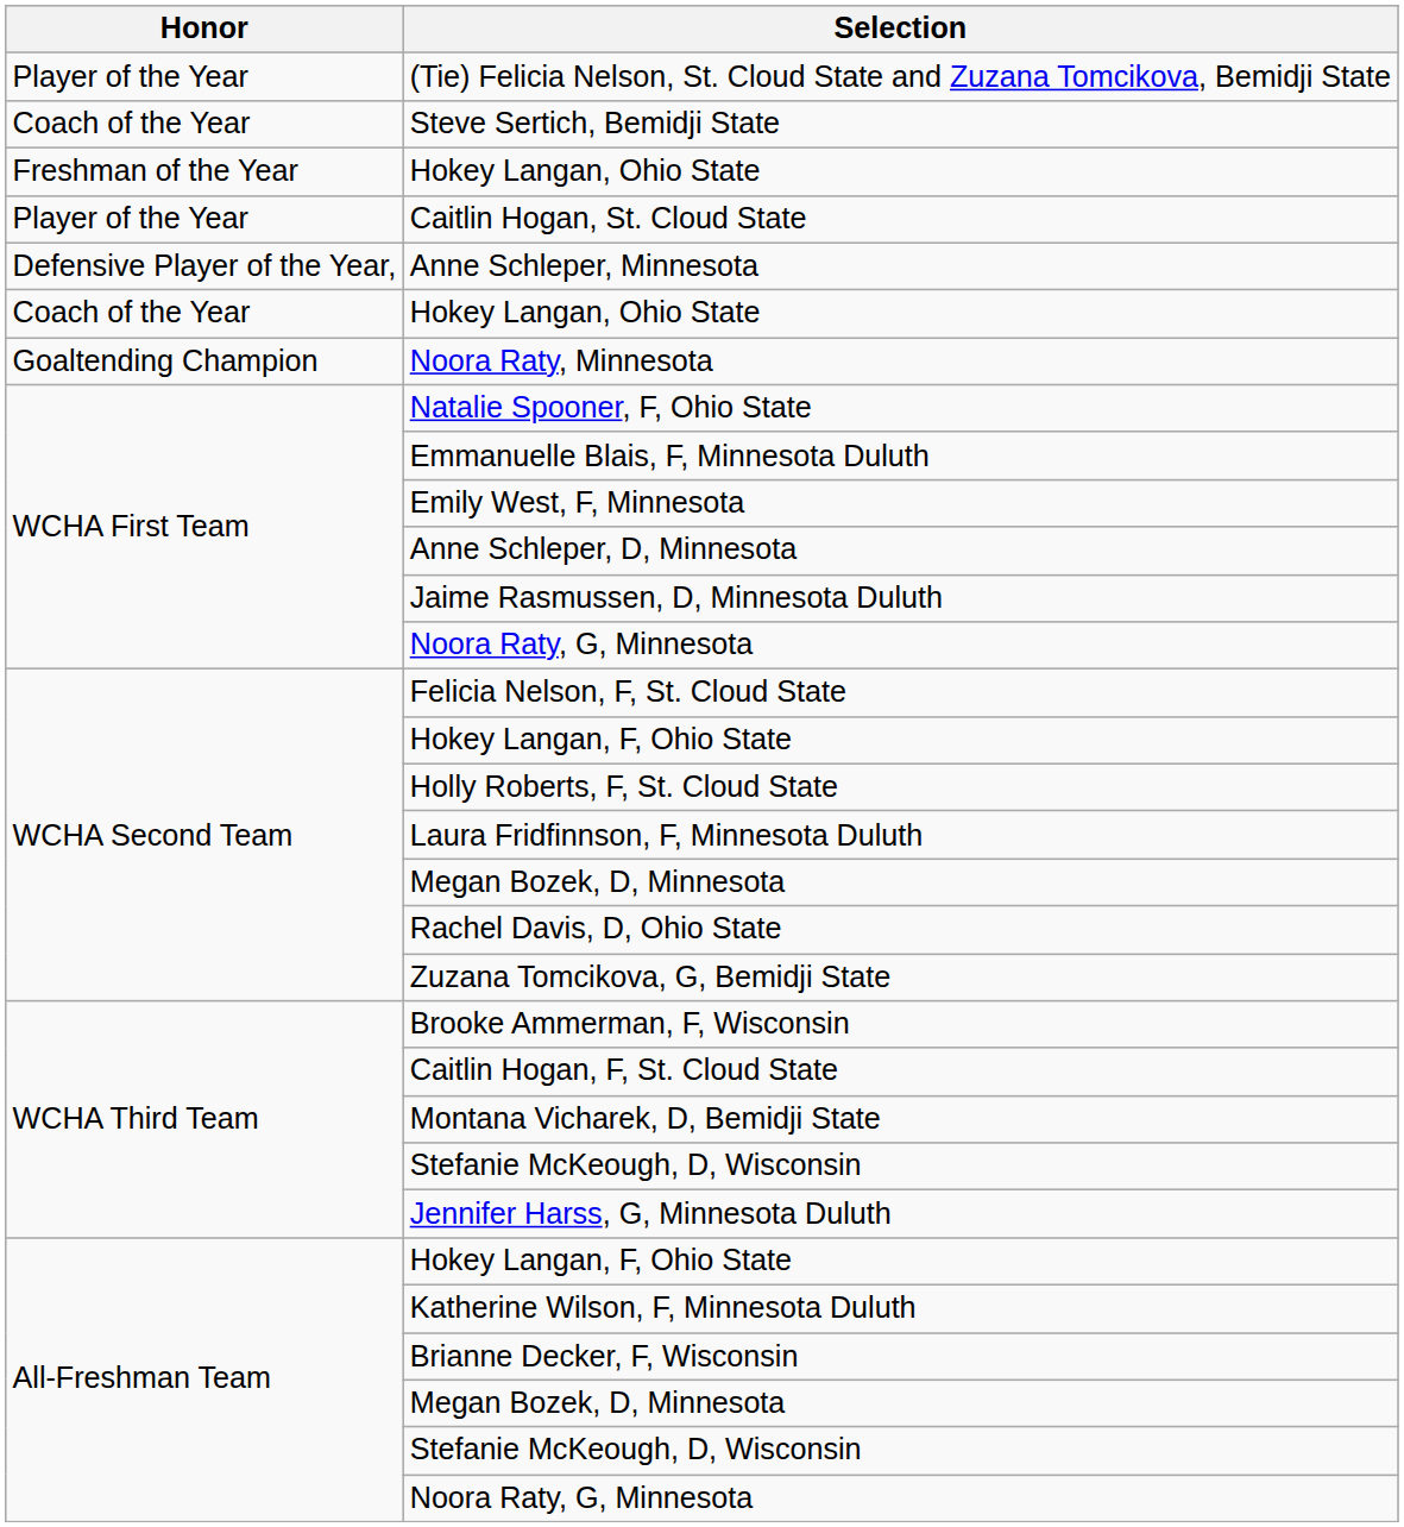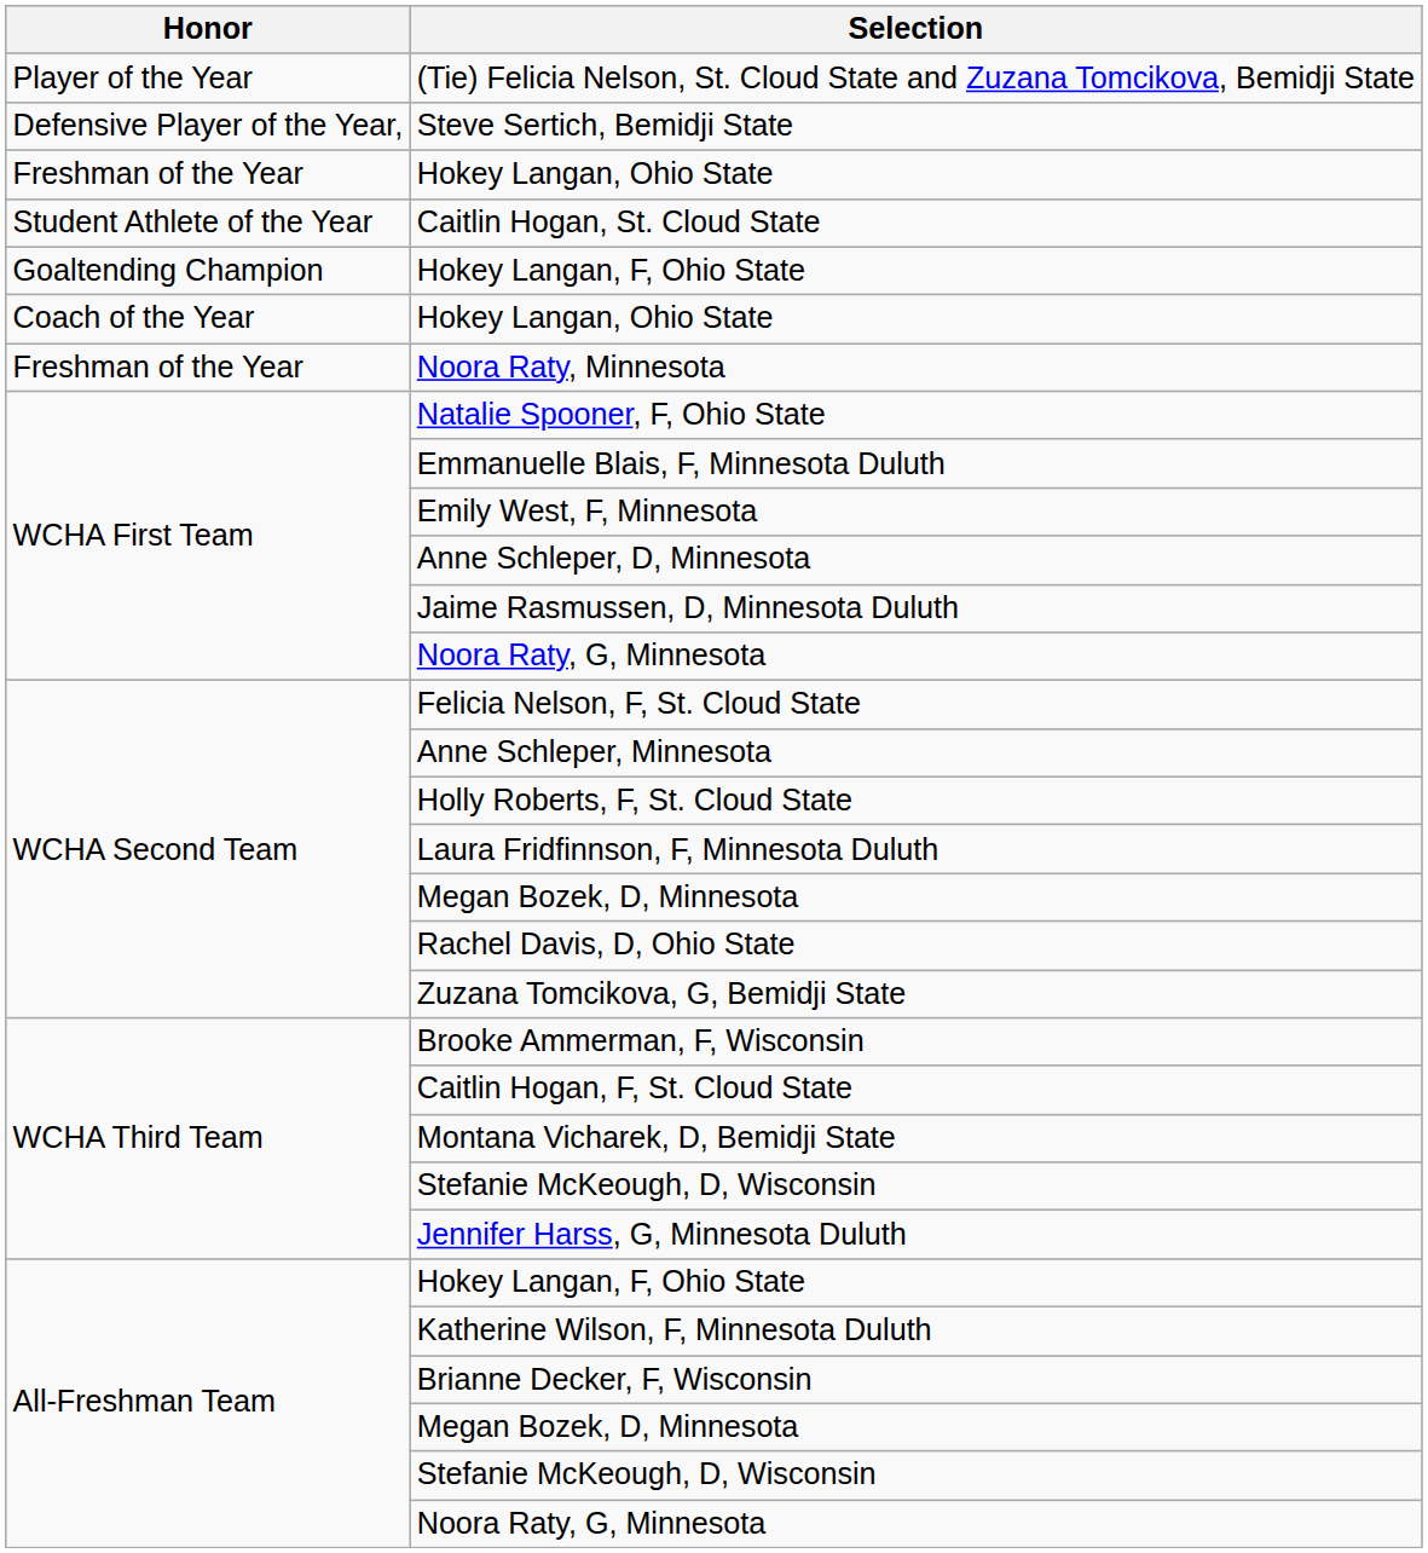 <table class="wikitable" border="1">
 <tr>
 <th>Honor</th>
 <th>Selection</th>
 </tr>
 <tr>
 <td>Player of the Year</td>
 <td>(Tie) Felicia Nelson, St. Cloud State and <a href='#'>Zuzana Tomcikova</a>, Bemidji State</td>
 </tr>
 <tr>
-<td>Coach of the Year</td>
+<td>Defensive Player of the Year,</td>
 <td>Steve Sertich, Bemidji State</td>
 </tr>
 <tr>
 <td>Freshman of the Year</td>
 <td>Hokey Langan, Ohio State</td>
 </tr>
 <tr>
-<td>Player of the Year</td>
+<td>Student Athlete of the Year</td>
 <td>Caitlin Hogan, St. Cloud State</td>
 </tr>
 <tr>
-<td>Defensive Player of the Year,</td>
-<td>Anne Schleper, Minnesota</td>
+<td>Goaltending Champion</td>
+<td>Hokey Langan, F, Ohio State</td>
 </tr>
 <tr>
 <td>Coach of the Year</td>
 <td>Hokey Langan, Ohio State</td>
 </tr>
 <tr>
-<td>Goaltending Champion</td>
+<td>Freshman of the Year</td>
 <td><a href='#'>Noora Raty</a>, Minnesota</td>
 </tr>
 <tr>
 <td rowspan=6 valign=middle>WCHA First Team</td>
 <td><a href='#'>Natalie Spooner</a>, F, Ohio State</td>
 </tr>
 <tr>
 <td>Emmanuelle Blais, F, Minnesota Duluth</td>
 </tr>
 <tr>
 <td>Emily West, F, Minnesota</td>
 </tr>
 <tr>
 <td>Anne Schleper, D, Minnesota</td>
 </tr>
 <tr>
 <td>Jaime Rasmussen, D, Minnesota Duluth</td>
 </tr>
 <tr>
 <td><a href='#'>Noora Raty</a>, G, Minnesota</td>
 </tr>
 <tr>
 <td rowspan=7 valign=middle>WCHA Second Team</td>
 <td>Felicia Nelson, F, St. Cloud State</td>
 </tr>
 <tr>
-<td>Hokey Langan, F, Ohio State</td>
+<td>Anne Schleper, Minnesota</td>
 </tr>
 <tr>
 <td>Holly Roberts, F, St. Cloud State</td>
 </tr>
 <tr>
 <td>Laura Fridfinnson, F, Minnesota Duluth</td>
 </tr>
 <tr>
 <td>Megan Bozek, D, Minnesota</td>
 </tr>
 <tr>
 <td>Rachel Davis, D, Ohio State</td>
 </tr>
 <tr>
 <td>Zuzana Tomcikova, G, Bemidji State</td>
 </tr>
 <tr>
 <td rowspan=5 valign=middle>WCHA Third Team</td>
 <td>Brooke Ammerman, F, Wisconsin</td>
 </tr>
 <tr>
 <td>Caitlin Hogan, F, St. Cloud State</td>
 </tr>
 <tr>
 <td>Montana Vicharek, D, Bemidji State</td>
 </tr>
 <tr>
 <td>Stefanie McKeough, D, Wisconsin</td>
 </tr>
 <tr>
 <td><a href='#'>Jennifer Harss</a>, G, Minnesota Duluth</td>
 </tr>
 <tr>
 <td rowspan=6 valign=middle>All-Freshman Team</td>
 <td>Hokey Langan, F, Ohio State</td>
 </tr>
 <tr>
 <td>Katherine Wilson, F, Minnesota Duluth</td>
 </tr>
 <tr>
 <td>Brianne Decker, F, Wisconsin</td>
 </tr>
 <tr>
 <td>Megan Bozek, D, Minnesota</td>
 </tr>
 <tr>
 <td>Stefanie McKeough, D, Wisconsin</td>
 </tr>
 <tr>
 <td>Noora Raty, G, Minnesota</td>
 </tr>
 </table>
